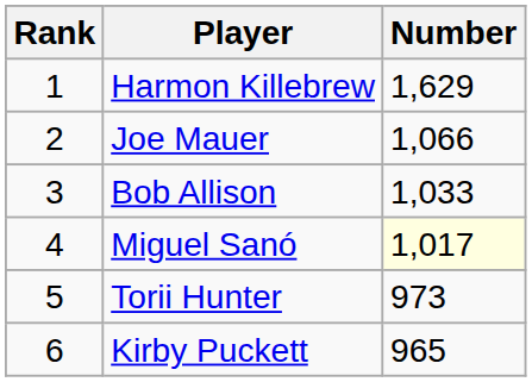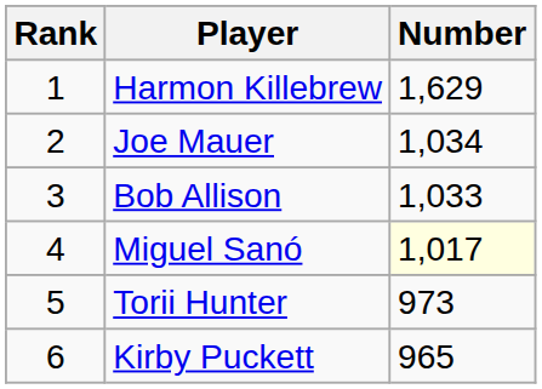 <table class="wikitable" style="font-size: 95%; text-align:left;">
 <tr>
 <th>Rank</th>
 <th>Player</th>
 <th>Number</th>
 </tr>
 <tr>
 <td align="center">1</td>
 <td><a href='#'>Harmon Killebrew</a></td>
 <td>1,629</td>
 </tr>
 <tr>
 <td align="center">2</td>
 <td><a href='#'>Joe Mauer</a></td>
-<td>1,066</td>
+<td>1,034</td>
 </tr>
 <tr>
 <td align="center">3</td>
 <td><a href='#'>Bob Allison</a></td>
 <td>1,033</td>
 </tr>
 <tr>
 <td align="center">4</td>
 <td><a href='#'>Miguel Sanó</a></td>
 <td style="background: lightyellow;">1,017</td>
 </tr>
 <tr>
 <td align="center">5</td>
 <td><a href='#'>Torii Hunter</a></td>
 <td>973</td>
 </tr>
 <tr>
 <td align="center">6</td>
 <td><a href='#'>Kirby Puckett</a></td>
 <td>965</td>
 </tr>
 </table>
